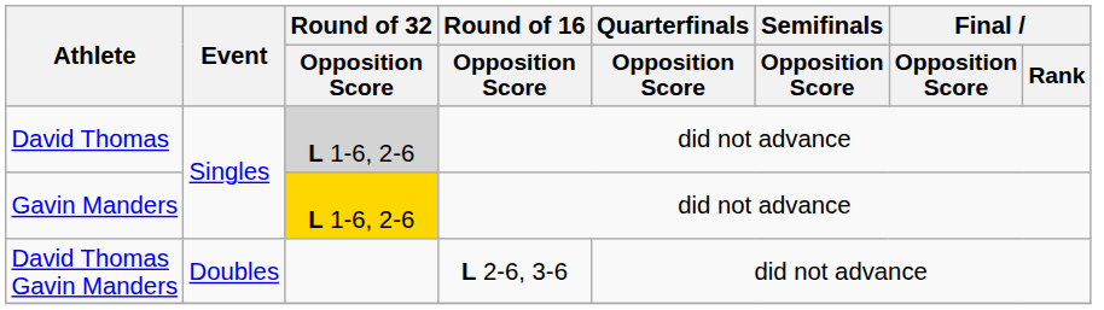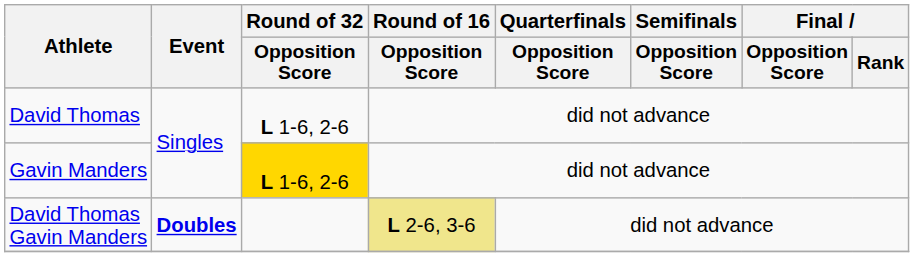 <table class=wikitable style="font-size:90%">
 <tr>
 <th rowspan=2>Athlete</th>
 <th rowspan=2>Event</th>
 <th>Round of 32</th>
 <th>Round of 16</th>
 <th>Quarterfinals</th>
 <th>Semifinals</th>
 <th colspan=2>Final / </th>
 </tr>
 <tr style="font-size:95%">
 <th>Opposition<br>Score</th>
 <th>Opposition<br>Score</th>
 <th>Opposition<br>Score</th>
 <th>Opposition<br>Score</th>
 <th>Opposition<br>Score</th>
 <th>Rank</th>
 </tr>
 <tr align=center>
 <td align=left><a href='#'>David Thomas</a></td>
 <td align=left rowspan=2><a href='#'>Singles</a></td>
-<td style="background: lightgrey;"><br><strong>L</strong> 1-6, 2-6</td>
+<td><br><strong>L</strong> 1-6, 2-6</td>
 <td colspan=5>did not advance</td>
 </tr>
 <tr align=center>
 <td align=left><a href='#'>Gavin Manders</a></td>
 <td style="background: gold;"><br><strong>L</strong> 1-6, 2-6</td>
 <td colspan=5>did not advance</td>
 </tr>
 <tr align=center>
 <td align=left><a href='#'>David Thomas</a><br><a href='#'>Gavin Manders</a></td>
-<td align=left rowspan=1><a href='#'>Doubles</a></td>
+<td align=left rowspan=1><strong><a href='#'>Doubles</a></strong></td>
 <td></td>
-<td> <strong>L</strong> 2-6, 3-6</td>
+<td style="background: khaki;"> <strong>L</strong> 2-6, 3-6</td>
 <td colspan=4>did not advance</td>
 </tr>
 <tr>
 </tr>
 </table>
